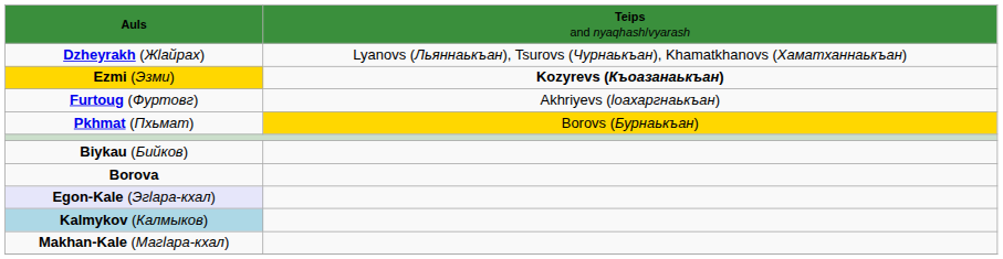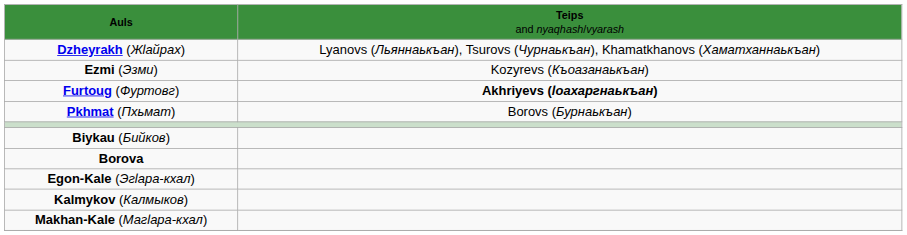 <table class="wikitable" style="width:70%; text-align:center;">
 <tr style="background: #3A8F3C; text-align: center">
 <td><small><span><strong>Auls</strong></span></small></td>
 <td><small><span><strong>Teips</strong><br> and <em>nyaqhash</em>/<em>vyarash</em></span></small></td>
 </tr>
 <tr>
 <td><strong><a href='#'>Dzheyrakh</a></strong> (<em>Жӏайрах</em>)</td>
 <td>Lyanovs (<em>Льяннаькъан</em>), Tsurovs (<em>Чурнаькъан</em>), Khamatkhanovs (<em>Хаматханнаькъан</em>)</td>
 </tr>
 <tr>
-<td style="background: gold;"><strong>Ezmi</strong> (<em>Эзми</em>)</td>
-<td><strong>Kozyrevs (<em>Къоазанаькъан</em>)</strong></td>
+<td><strong>Ezmi</strong> (<em>Эзми</em>)</td>
+<td>Kozyrevs (<em>Къоазанаькъан</em>)</td>
 </tr>
 <tr>
 <td><strong><a href='#'>Furtoug</a></strong> (<em>Фуртовг</em>)</td>
-<td>Akhriyevs (<em>ӏоахаргнаькъан</em>)</td>
+<td><strong>Akhriyevs (<em>ӏоахаргнаькъан</em>)</strong></td>
 </tr>
 <tr>
 <td><strong><a href='#'>Pkhmat</a></strong> (<em>Пхьмат</em>)</td>
-<td style="background: gold;">Borovs (<em>Бурнаькъан</em>)</td>
+<td>Borovs (<em>Бурнаькъан</em>)</td>
 </tr>
 <tr style="background: #3A8F3B3D">
 <td colspan="78"></td>
 </tr>
 <tr>
 <td><strong>Biykau</strong> (<em>Бийков</em>)</td>
 <td></td>
 </tr>
 <tr>
 <td><strong>Borova</strong></td>
 <td></td>
 </tr>
 <tr>
-<td style="background: lavender;"><strong>Egon-Kale</strong> (<em>Эгӏара-кхал</em>)</td>
+<td><strong>Egon-Kale</strong> (<em>Эгӏара-кхал</em>)</td>
 <td></td>
 </tr>
 <tr>
-<td style="background: lightblue;"><strong>Kalmykov</strong> (<em>Калмыков</em>)</td>
+<td><strong>Kalmykov</strong> (<em>Калмыков</em>)</td>
 <td></td>
 </tr>
 <tr>
 <td><strong>Makhan-Kale</strong> (<em>Maгӏapa-кхал</em>)</td>
 <td></td>
 </tr>
 <tr>
 </tr>
 </table>
